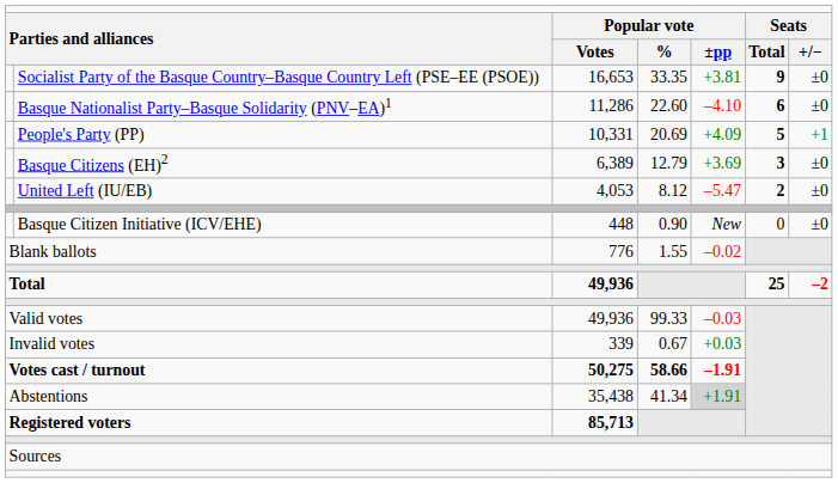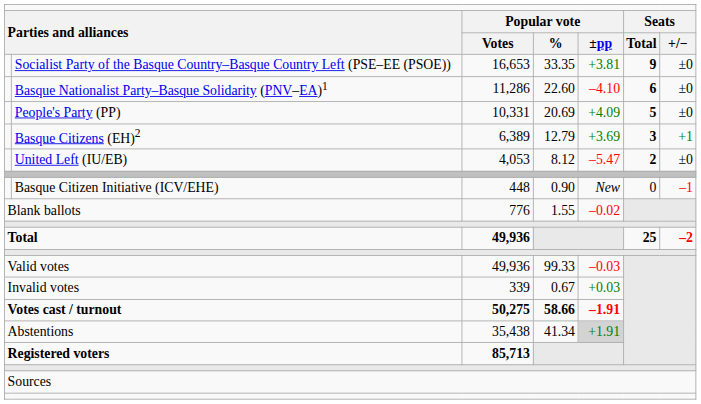 <table class="wikitable" style="text-align:right;">
 <tr>
 <td colspan="7"></td>
 </tr>
 <tr>
 <th style="text-align:left;" rowspan="2" colspan="2" width="525">Parties and alliances</th>
 <th colspan="3">Popular vote</th>
 <th colspan="2">Seats</th>
 </tr>
 <tr>
 <th width="75">Votes</th>
 <th width="45">%</th>
 <th width="45">±<a href='#'>pp</a></th>
 <th width="35">Total</th>
 <th width="35">+/−</th>
 </tr>
 <tr>
 <td width="1" style="color:inherit;background:"></td>
 <td align="left"><a href='#'>Socialist Party of the Basque Country–Basque Country Left</a> (PSE–EE (PSOE))</td>
 <td>16,653</td>
 <td>33.35</td>
 <td style="color:green;">+3.81</td>
 <td><strong>9</strong></td>
 <td>±0</td>
 </tr>
 <tr>
 <td style="color:inherit;background:"></td>
 <td align="left"><a href='#'>Basque Nationalist Party–Basque Solidarity</a> (<a href='#'>PNV</a>–<a href='#'>EA</a>)<sup>1</sup></td>
 <td>11,286</td>
 <td>22.60</td>
 <td style="color:red;">–4.10</td>
 <td><strong>6</strong></td>
 <td>±0</td>
 </tr>
 <tr>
 <td style="color:inherit;background:"></td>
 <td align="left"><a href='#'>People's Party</a> (PP)</td>
 <td>10,331</td>
 <td>20.69</td>
 <td style="color:green;">+4.09</td>
 <td><strong>5</strong></td>
-<td style="color:green;">+1</td>
+<td>±0</td>
 </tr>
 <tr>
 <td style="color:inherit;background:"></td>
 <td align="left"><a href='#'>Basque Citizens</a> (EH)<sup>2</sup></td>
 <td>6,389</td>
 <td>12.79</td>
 <td style="color:green;">+3.69</td>
 <td><strong>3</strong></td>
-<td>±0</td>
+<td style="color:green;">+1</td>
 </tr>
 <tr>
 <td style="color:inherit;background:"></td>
 <td align="left"><a href='#'>United Left</a> (IU/EB)</td>
 <td>4,053</td>
 <td>8.12</td>
 <td style="color:red;">–5.47</td>
 <td><strong>2</strong></td>
 <td>±0</td>
 </tr>
 <tr>
 <td colspan="7" style="color:inherit;background:#C0C0C0"></td>
 </tr>
 <tr>
 <td style="color:inherit;background:"></td>
 <td align="left">Basque Citizen Initiative (ICV/EHE)</td>
 <td>448</td>
 <td>0.90</td>
 <td><em>New</em></td>
 <td>0</td>
-<td>±0</td>
+<td style="color:red;">–1</td>
 </tr>
 <tr>
 <td align="left" colspan="2">Blank ballots</td>
 <td>776</td>
 <td>1.55</td>
 <td style="color:red;">–0.02</td>
 <td style="color:inherit;background:#E9E9E9" colspan="2"></td>
 </tr>
 <tr>
 <td colspan="7" style="color:inherit;background:#E9E9E9"></td>
 </tr>
 <tr style="font-weight:bold;">
 <td align="left" colspan="2">Total</td>
 <td>49,936</td>
 <td bgcolor="#E9E9E9" colspan="2"></td>
 <td>25</td>
 <td style="color:red;">–2</td>
 </tr>
 <tr>
 <td colspan="7" style="color:inherit;background:#E9E9E9"></td>
 </tr>
 <tr>
 <td align="left" colspan="2">Valid votes</td>
 <td>49,936</td>
 <td>99.33</td>
 <td style="color:red;">–0.03</td>
 <td bgcolor="#E9E9E9" colspan="2" rowspan="5"></td>
 </tr>
 <tr>
 <td align="left" colspan="2">Invalid votes</td>
 <td>339</td>
 <td>0.67</td>
 <td style="color:green;">+0.03</td>
 </tr>
 <tr style="font-weight:bold;">
 <td align="left" colspan="2">Votes cast / turnout</td>
 <td>50,275</td>
 <td>58.66</td>
 <td style="color:red;">–1.91</td>
 </tr>
 <tr>
 <td align="left" colspan="2">Abstentions</td>
 <td>35,438</td>
 <td>41.34</td>
 <td style="background: lightgrey; color:green;">+1.91</td>
 </tr>
 <tr style="font-weight:bold;">
 <td align="left" colspan="2">Registered voters</td>
 <td>85,713</td>
 <td bgcolor="#E9E9E9" colspan="2"></td>
 </tr>
 <tr>
 <td colspan="7" style="color:inherit;background:#E9E9E9"></td>
 </tr>
 <tr>
 <td align="left" colspan="7">Sources</td>
 </tr>
 <tr>
 <td colspan="7" style="text-align:left; max-width:790px;"></td>
 </tr>
 </table>
